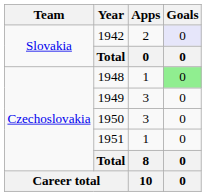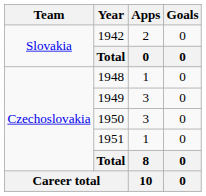 <table class="wikitable" style="text-align:center">
 <tr>
 <th>Team</th>
 <th>Year</th>
 <th>Apps</th>
 <th>Goals</th>
 </tr>
 <tr>
 <td rowspan="2"><a href='#'>Slovakia</a></td>
 <td>1942</td>
 <td>2</td>
-<td style="background: lavender;">0</td>
+<td>0</td>
 </tr>
 <tr>
 <th>Total</th>
 <th>0</th>
 <th>0</th>
 </tr>
 <tr>
 <td rowspan="5"><a href='#'>Czechoslovakia</a></td>
 <td>1948</td>
 <td>1</td>
-<td style="background: lightgreen;">0</td>
+<td>0</td>
 </tr>
 <tr>
 <td>1949</td>
 <td>3</td>
 <td>0</td>
 </tr>
 <tr>
 <td>1950</td>
 <td>3</td>
 <td>0</td>
 </tr>
 <tr>
 <td>1951</td>
 <td>1</td>
 <td>0</td>
 </tr>
 <tr>
 <th>Total</th>
 <th>8</th>
 <th>0</th>
 </tr>
 <tr>
 <th colspan="2">Career total</th>
 <th>10</th>
 <th>0</th>
 </tr>
 </table>
